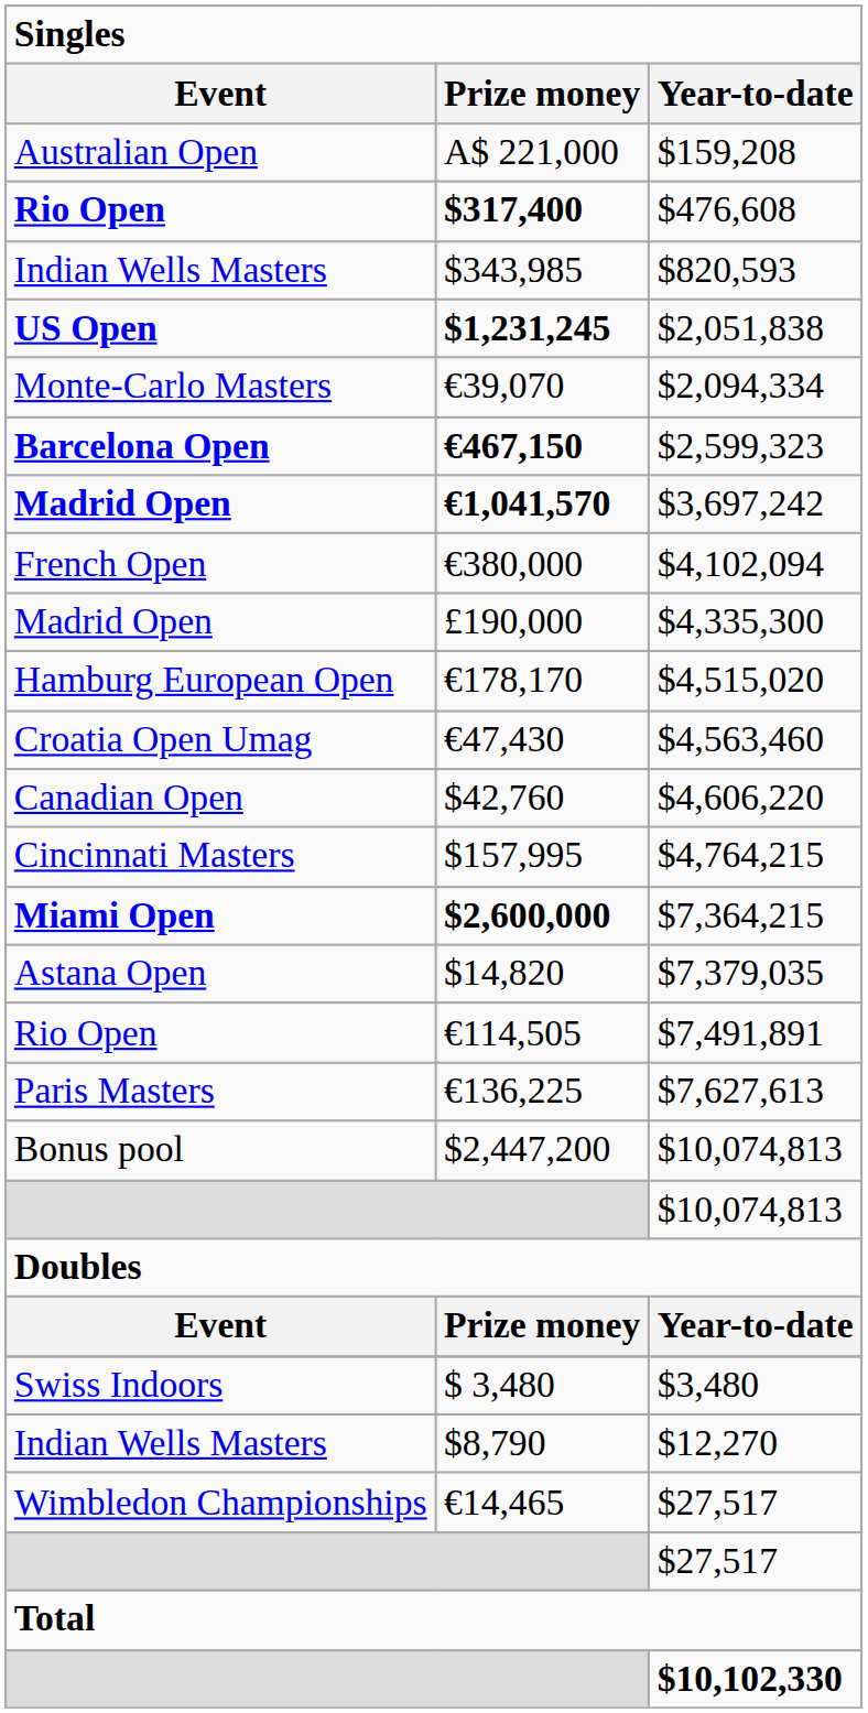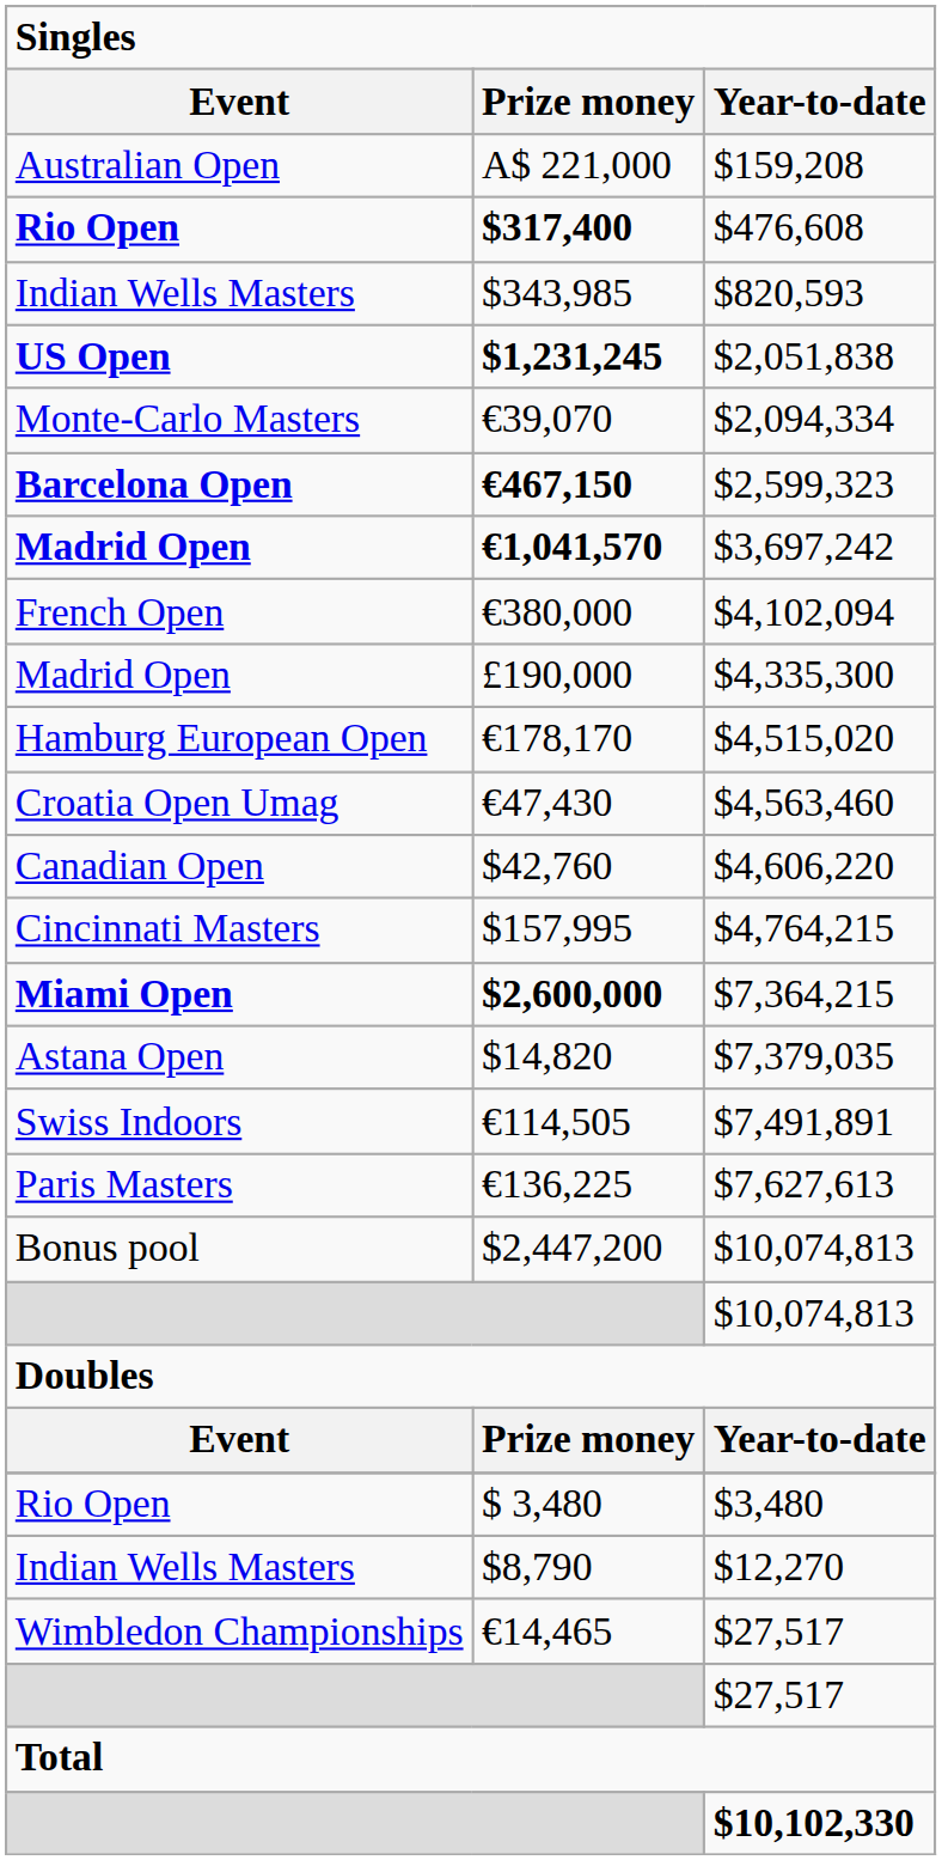 <table class="wikitable sortable">
 <tr>
 <td colspan=3><strong>Singles</strong></td>
 </tr>
 <tr>
 <th>Event</th>
 <th>Prize money</th>
 <th>Year-to-date</th>
 </tr>
 <tr>
 <td><a href='#'>Australian Open</a></td>
 <td>A$ 221,000</td>
 <td>$159,208</td>
 </tr>
 <tr>
 <td><strong><a href='#'>Rio Open</a> </strong></td>
 <td><strong>$317,400</strong></td>
 <td>$476,608</td>
 </tr>
 <tr>
 <td><a href='#'>Indian Wells Masters</a></td>
 <td>$343,985</td>
 <td>$820,593</td>
 </tr>
 <tr>
 <td><strong><a href='#'> US Open</a></strong></td>
 <td><strong>$1,231,245</strong></td>
 <td>$2,051,838</td>
 </tr>
 <tr>
 <td><a href='#'>Monte-Carlo Masters</a></td>
 <td>€39,070</td>
 <td>$2,094,334</td>
 </tr>
 <tr>
 <td><strong><a href='#'>Barcelona Open</a></strong></td>
 <td><strong>€467,150</strong></td>
 <td>$2,599,323</td>
 </tr>
 <tr>
 <td><strong><a href='#'>Madrid Open</a></strong></td>
 <td><strong>€1,041,570</strong></td>
 <td>$3,697,242</td>
 </tr>
 <tr>
 <td><a href='#'>French Open</a></td>
 <td>€380,000</td>
 <td>$4,102,094</td>
 </tr>
 <tr>
 <td><a href='#'>Madrid Open</a></td>
 <td>£190,000</td>
 <td>$4,335,300</td>
 </tr>
 <tr>
 <td><a href='#'>Hamburg European Open</a></td>
 <td>€178,170</td>
 <td>$4,515,020</td>
 </tr>
 <tr>
 <td><a href='#'>Croatia Open Umag</a></td>
 <td>€47,430</td>
 <td>$4,563,460</td>
 </tr>
 <tr>
 <td><a href='#'> Canadian Open</a></td>
 <td>$42,760</td>
 <td>$4,606,220</td>
 </tr>
 <tr>
 <td><a href='#'>Cincinnati Masters</a></td>
 <td>$157,995</td>
 <td>$4,764,215</td>
 </tr>
 <tr>
 <td><strong><a href='#'>Miami Open</a></strong></td>
 <td><strong>$2,600,000 </strong></td>
 <td>$7,364,215</td>
 </tr>
 <tr>
 <td><a href='#'>Astana Open</a></td>
 <td>$14,820</td>
 <td>$7,379,035</td>
 </tr>
 <tr>
-<td><a href='#'>Rio Open</a></td>
+<td><a href='#'>Swiss Indoors</a></td>
 <td>€114,505</td>
 <td>$7,491,891</td>
 </tr>
 <tr>
 <td><a href='#'>Paris Masters</a></td>
 <td>€136,225</td>
 <td>$7,627,613</td>
 </tr>
 <tr>
 <td>Bonus pool</td>
 <td>$2,447,200</td>
 <td>$10,074,813</td>
 </tr>
 <tr class="sortbottom">
 <td colspan=2 bgcolor=#DCDCDC></td>
 <td>$10,074,813</td>
 </tr>
 <tr>
 <td colspan=3><strong>Doubles</strong></td>
 </tr>
 <tr>
 <th>Event</th>
 <th>Prize money</th>
 <th>Year-to-date</th>
 </tr>
 <tr>
 </tr>
 <tr class="sortbottom">
 </tr>
 <tr>
-<td><a href='#'>Swiss Indoors</a></td>
+<td><a href='#'>Rio Open</a></td>
 <td>$ 3,480</td>
 <td>$3,480</td>
 </tr>
 <tr>
 <td><a href='#'>Indian Wells Masters</a></td>
 <td>$8,790</td>
 <td>$12,270</td>
 </tr>
 <tr>
 <td><a href='#'>Wimbledon Championships</a></td>
 <td>€14,465</td>
 <td>$27,517</td>
 </tr>
 <tr>
 <td colspan=2 bgcolor=#DCDCDC></td>
 <td>$27,517</td>
 </tr>
 <tr>
 <td colspan=3><strong>Total</strong></td>
 </tr>
 <tr class="sortbottom">
 <td colspan=2 bgcolor=#DCDCDC></td>
 <td><strong>$10,102,330</strong></td>
 </tr>
 <tr>
 </tr>
 </table>
